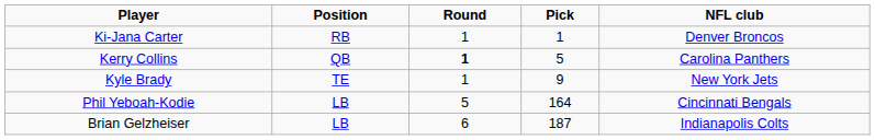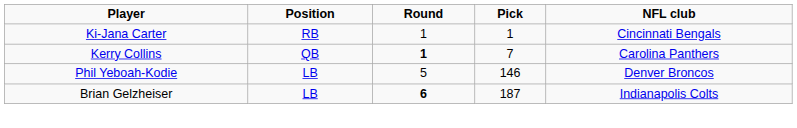 <table class="wikitable" width="80%">
 <tr align="center">
 <td><strong>Player</strong></td>
 <td><strong>Position</strong></td>
 <td><strong>Round</strong></td>
 <td><strong>Pick</strong></td>
 <td><strong>NFL club</strong></td>
 </tr>
 <tr align="center" bgcolor="">
 <td><a href='#'>Ki-Jana Carter</a></td>
 <td><a href='#'>RB</a></td>
 <td>1</td>
 <td>1</td>
-<td><a href='#'>Denver Broncos</a></td>
+<td><a href='#'>Cincinnati Bengals</a></td>
 </tr>
 <tr align="center" bgcolor="">
 <td><a href='#'>Kerry Collins</a></td>
 <td><a href='#'>QB</a></td>
 <td><strong>1</strong></td>
-<td>5</td>
+<td>7</td>
 <td><a href='#'>Carolina Panthers</a></td>
-</tr>
-<tr align="center" bgcolor="">
-<td><a href='#'>Kyle Brady</a></td>
-<td><a href='#'>TE</a></td>
-<td>1</td>
-<td>9</td>
-<td><a href='#'>New York Jets</a></td>
 </tr>
 <tr align="center" bgcolor="">
 <td><a href='#'>Phil Yeboah-Kodie</a></td>
 <td><a href='#'>LB</a></td>
 <td>5</td>
-<td>164</td>
-<td><a href='#'>Cincinnati Bengals</a></td>
+<td>146</td>
+<td><a href='#'>Denver Broncos</a></td>
 </tr>
 <tr align="center" bgcolor="">
 <td>Brian Gelzheiser</td>
 <td><a href='#'>LB</a></td>
-<td>6</td>
+<td><strong>6</strong></td>
 <td>187</td>
 <td><a href='#'>Indianapolis Colts</a></td>
 </tr>
 </table>
